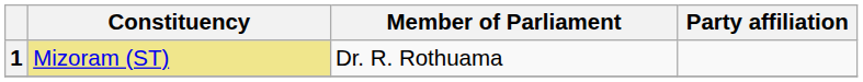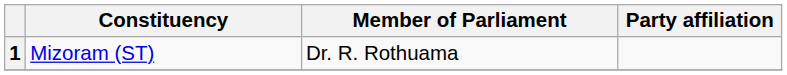 <table class="wikitable sortable">
 <tr style="text-align:center;">
 <th></th>
 <th style="width:13em">Constituency</th>
 <th style="width:15em">Member of Parliament</th>
 <th colspan="2" style="width:15em">Party affiliation</th>
 </tr>
 <tr>
 <th>1</th>
-<td style="background: khaki;"><a href='#'>Mizoram (ST)</a></td>
+<td><a href='#'>Mizoram (ST)</a></td>
 <td>Dr. R. Rothuama</td>
 <td></td>
 </tr>
 <tr>
 </tr>
 </table>
